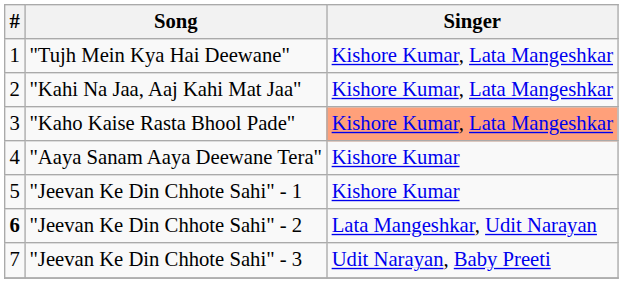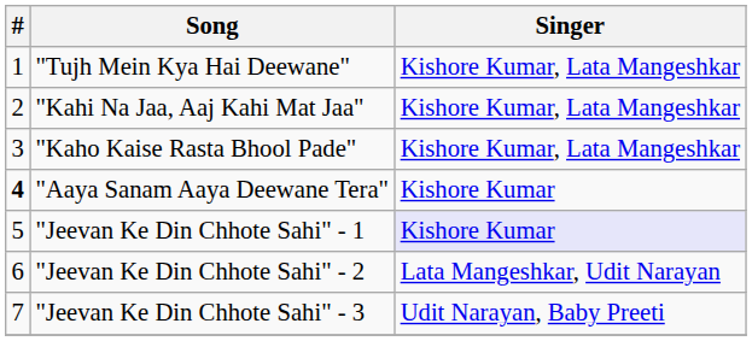 <table class="wikitable" style="font-size:95%;">
 <tr>
 <th>#</th>
 <th>Song</th>
 <th>Singer</th>
 </tr>
 <tr>
 <td>1</td>
 <td>"Tujh Mein Kya Hai Deewane"</td>
 <td><a href='#'>Kishore Kumar</a>, <a href='#'>Lata Mangeshkar</a></td>
 </tr>
 <tr>
 <td>2</td>
 <td>"Kahi Na Jaa, Aaj Kahi Mat Jaa"</td>
 <td><a href='#'>Kishore Kumar</a>, <a href='#'>Lata Mangeshkar</a></td>
 </tr>
 <tr>
 <td>3</td>
 <td>"Kaho Kaise Rasta Bhool Pade"</td>
-<td style="background: lightsalmon;"><a href='#'>Kishore Kumar</a>, <a href='#'>Lata Mangeshkar</a></td>
+<td><a href='#'>Kishore Kumar</a>, <a href='#'>Lata Mangeshkar</a></td>
 </tr>
 <tr>
-<td>4</td>
+<td><strong>4</strong></td>
 <td>"Aaya Sanam Aaya Deewane Tera"</td>
 <td><a href='#'>Kishore Kumar</a></td>
 </tr>
 <tr>
 <td>5</td>
 <td>"Jeevan Ke Din Chhote Sahi" - 1</td>
-<td><a href='#'>Kishore Kumar</a></td>
+<td style="background: lavender;"><a href='#'>Kishore Kumar</a></td>
 </tr>
 <tr>
-<td><strong>6</strong></td>
+<td>6</td>
 <td>"Jeevan Ke Din Chhote Sahi" - 2</td>
 <td><a href='#'>Lata Mangeshkar</a>, <a href='#'>Udit Narayan</a></td>
 </tr>
 <tr>
 <td>7</td>
 <td>"Jeevan Ke Din Chhote Sahi" - 3</td>
 <td><a href='#'>Udit Narayan</a>, <a href='#'>Baby Preeti</a></td>
 </tr>
 <tr>
 </tr>
 </table>
